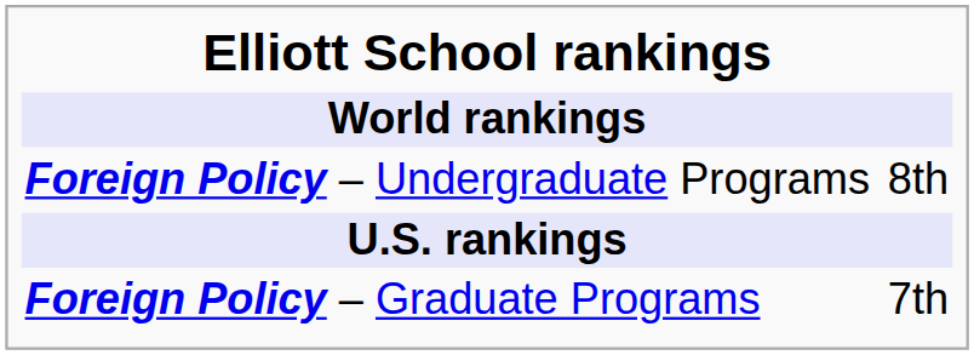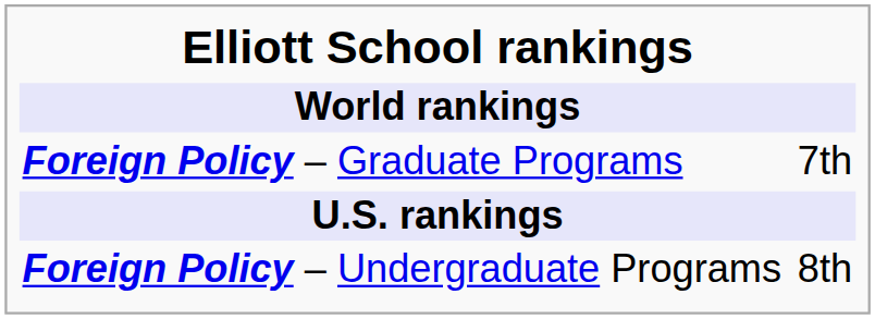 <table class="infobox" style="width: 22em;">
 <tr>
 <th colspan="2" style="font-size: 100%; text-align: center;"><big>Elliott School rankings</big></th>
 </tr>
 <tr>
 <th colspan="2" style="font-size: 100%; text-align: center; background-color:#E6E6FA">World rankings</th>
 </tr>
 <tr>
-<td><strong><em><a href='#'>Foreign Policy</a></em></strong> – <a href='#'>Undergraduate</a> Programs</td>
-<td>8th</td>
+<td><strong><em><a href='#'>Foreign Policy</a></em></strong> – <a href='#'>Graduate Programs</a></td>
+<td>7th</td>
 </tr>
 <tr>
 <th colspan="2" style="font-size: 100%; text-align: center; background-color:#E6E6FA">U.S. rankings</th>
 </tr>
 <tr>
-<td><strong><em><a href='#'>Foreign Policy</a></em></strong> – <a href='#'>Graduate Programs</a></td>
-<td>7th</td>
+<td><strong><em><a href='#'>Foreign Policy</a></em></strong> – <a href='#'>Undergraduate</a> Programs</td>
+<td>8th</td>
 </tr>
 <tr>
 </tr>
 </table>
